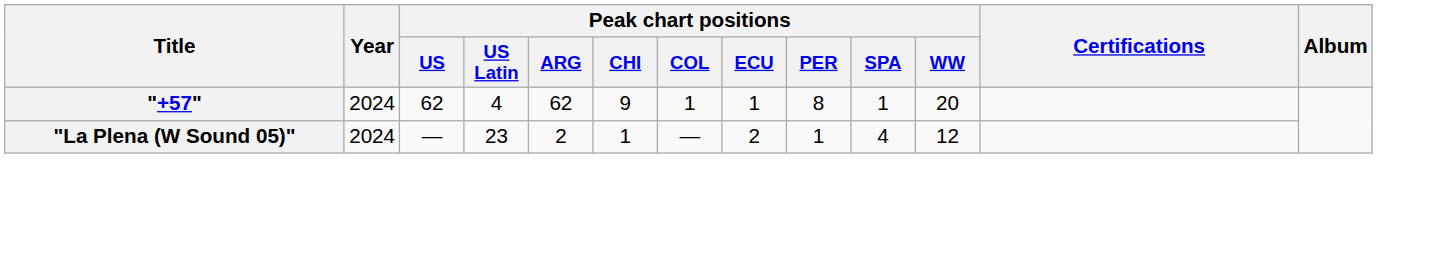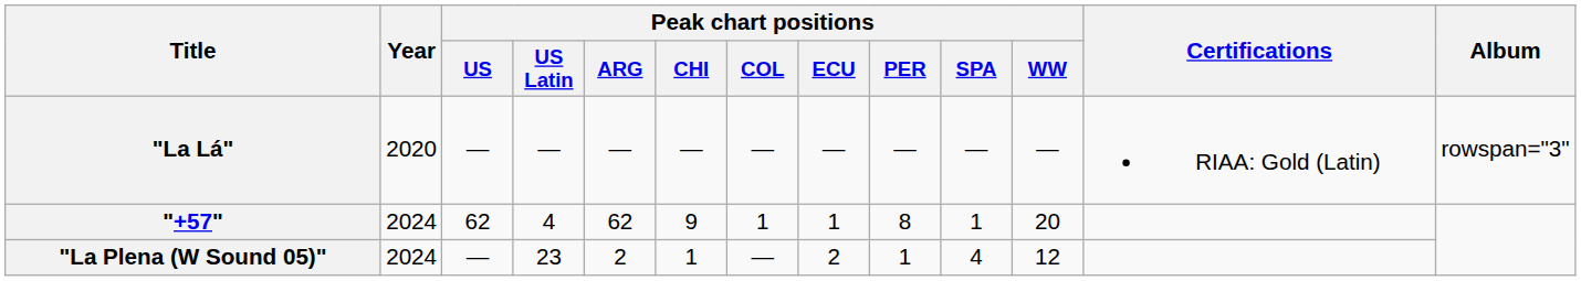 <table class="wikitable plainrowheaders" style="text-align:center;">
 <tr>
 <th scope="col" rowspan="2" style="width:16em;">Title</th>
 <th scope="col" rowspan="2">Year</th>
 <th scope="col" colspan="9">Peak chart positions</th>
 <th scope="col" rowspan="2" style="width:15em;"><a href='#'>Certifications</a></th>
 <th scope="col" rowspan="2">Album</th>
 </tr>
 <tr>
 <th scope="col" style="width:3em;font-size:90%;"><a href='#'>US</a><br></th>
 <th scope="col" style="width:3em;font-size:90%;"><a href='#'>US<br>Latin</a><br></th>
 <th scope="col" style="width:3em;font-size:90%;"><a href='#'>ARG</a><br></th>
 <th scope="col" style="width:3em;font-size:90%;"><a href='#'>CHI</a><br></th>
 <th scope="col" style="width:3em;font-size:90%;"><a href='#'>COL</a><br></th>
 <th scope="col" style="width:3em;font-size:90%;"><a href='#'>ECU</a><br></th>
 <th scope="col" style="width:3em;font-size:90%;"><a href='#'>PER</a><br></th>
 <th scope="col" style="width:3em;font-size:90%;"><a href='#'>SPA</a><br></th>
 <th scope="col" style="width:3em;font-size:90%;"><a href='#'>WW</a><br></th>
+</tr>
+<tr>
+<th scope="row">"La Lá"<br></th>
+<td>2020</td>
+<td>—</td>
+<td>—</td>
+<td>—</td>
+<td>—</td>
+<td>—</td>
+<td>—</td>
+<td>—</td>
+<td>—</td>
+<td>—</td>
+<td><br><ul><li>RIAA: Gold <span>(Latin)</span></li></ul></td>
+<td>rowspan="3" </td>
 </tr>
 <tr>
 <th scope="row">"<a href='#'>+57</a>"<br></th>
 <td>2024</td>
 <td>62</td>
 <td>4</td>
 <td>62</td>
 <td>9</td>
 <td>1</td>
 <td>1</td>
 <td>8</td>
 <td>1</td>
 <td>20</td>
 <td></td>
 </tr>
 <tr>
 <th scope="row">"La Plena (W Sound 05)"<br></th>
 <td>2024</td>
 <td>—</td>
 <td>23</td>
 <td>2</td>
 <td>1</td>
 <td>—</td>
 <td>2</td>
 <td>1</td>
 <td>4</td>
 <td>12</td>
 <td></td>
 </tr>
 </table>
